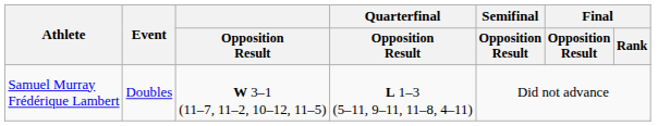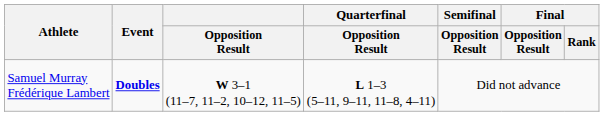 <table class=wikitable style=font-size:90%;text-align:center>
 <tr>
 <th rowspan=2>Athlete</th>
 <th rowspan=2>Event</th>
 <th></th>
 <th>Quarterfinal</th>
 <th>Semifinal</th>
 <th colspan=2>Final</th>
 </tr>
 <tr style=font-size:95%>
 <th>Opposition<br>Result</th>
 <th>Opposition<br>Result</th>
 <th>Opposition<br>Result</th>
 <th>Opposition<br>Result</th>
 <th>Rank</th>
 </tr>
 <tr>
 <td align=left><a href='#'>Samuel Murray</a><br><a href='#'>Frédérique Lambert</a></td>
-<td align=left><a href='#'>Doubles</a></td>
+<td align=left><strong><a href='#'>Doubles</a></strong></td>
 <td><br><strong>W</strong> 3–1<br>(11–7, 11–2, 10–12, 11–5)</td>
 <td><br><strong>L</strong> 1–3<br>(5–11, 9–11, 11–8, 4–11)</td>
 <td colspan=3>Did not advance</td>
 </tr>
 </table>
